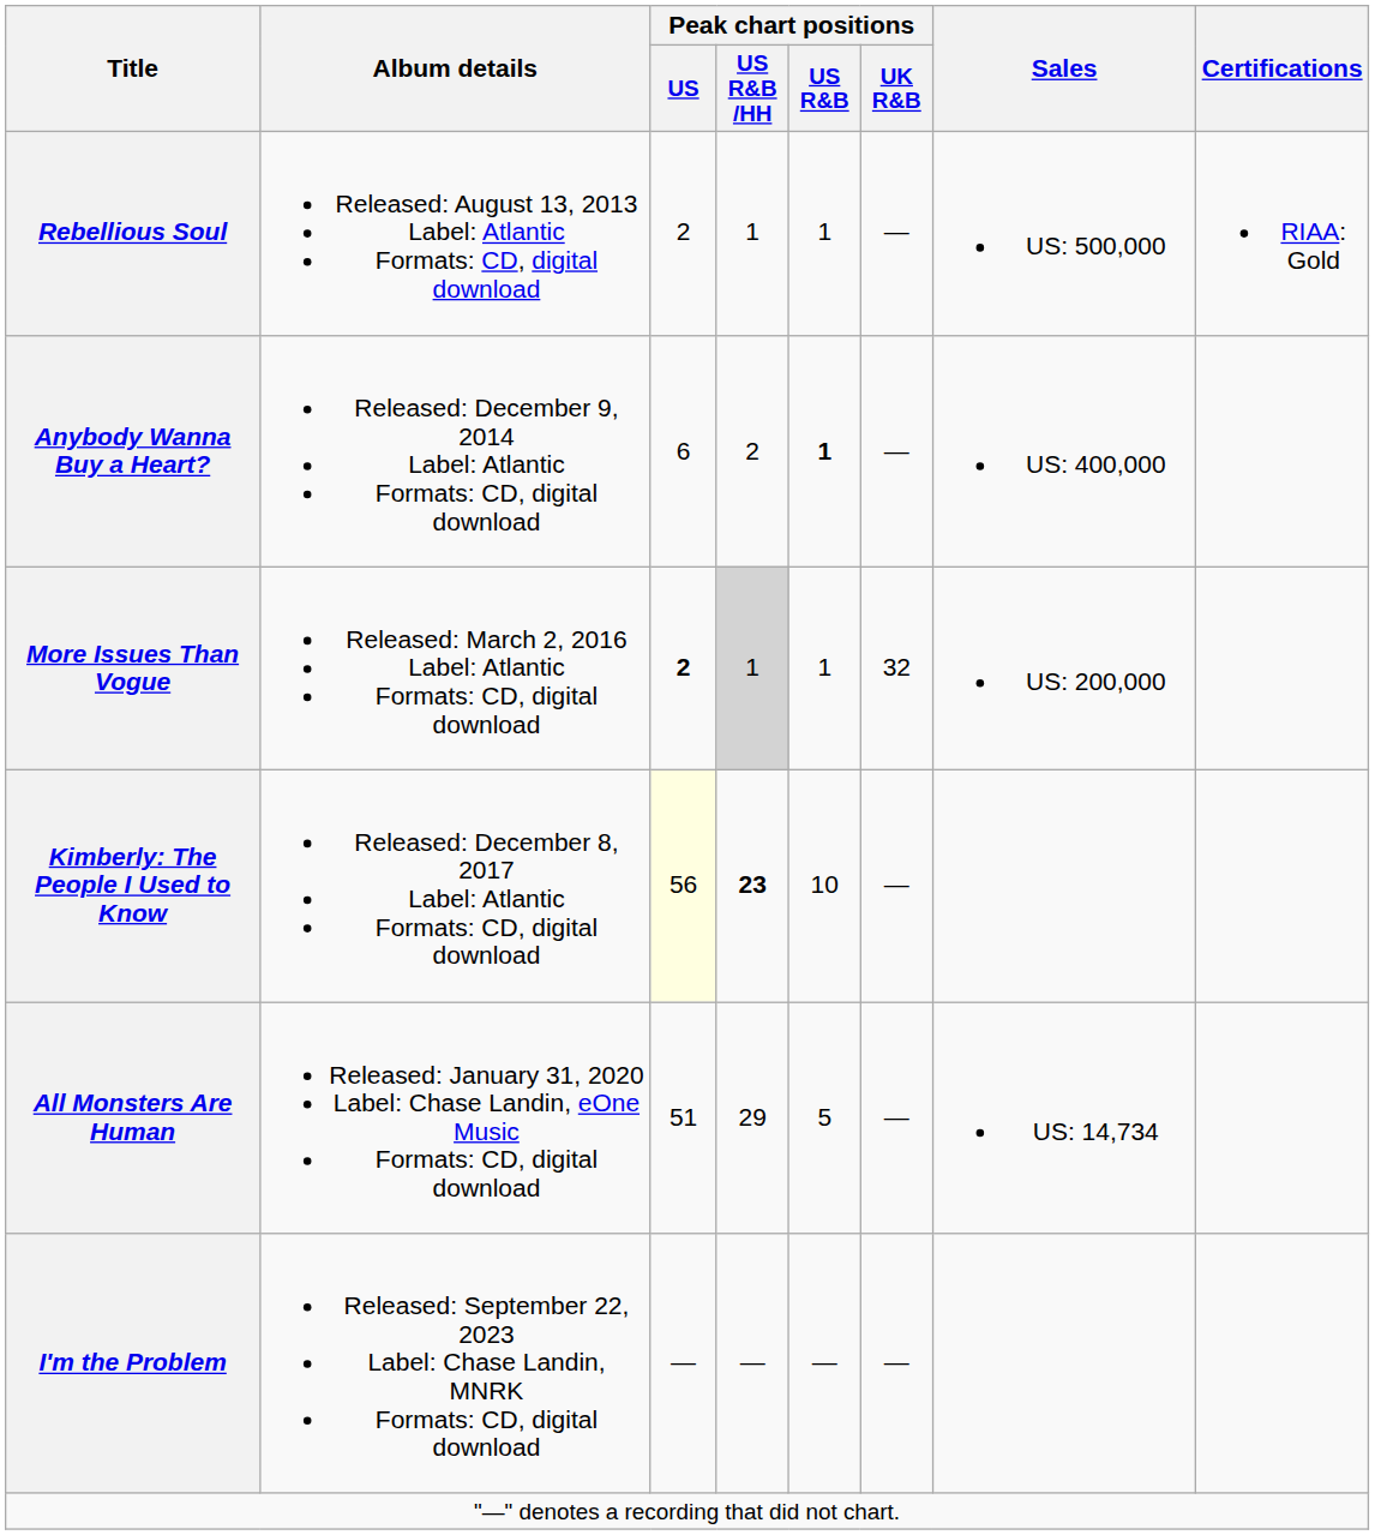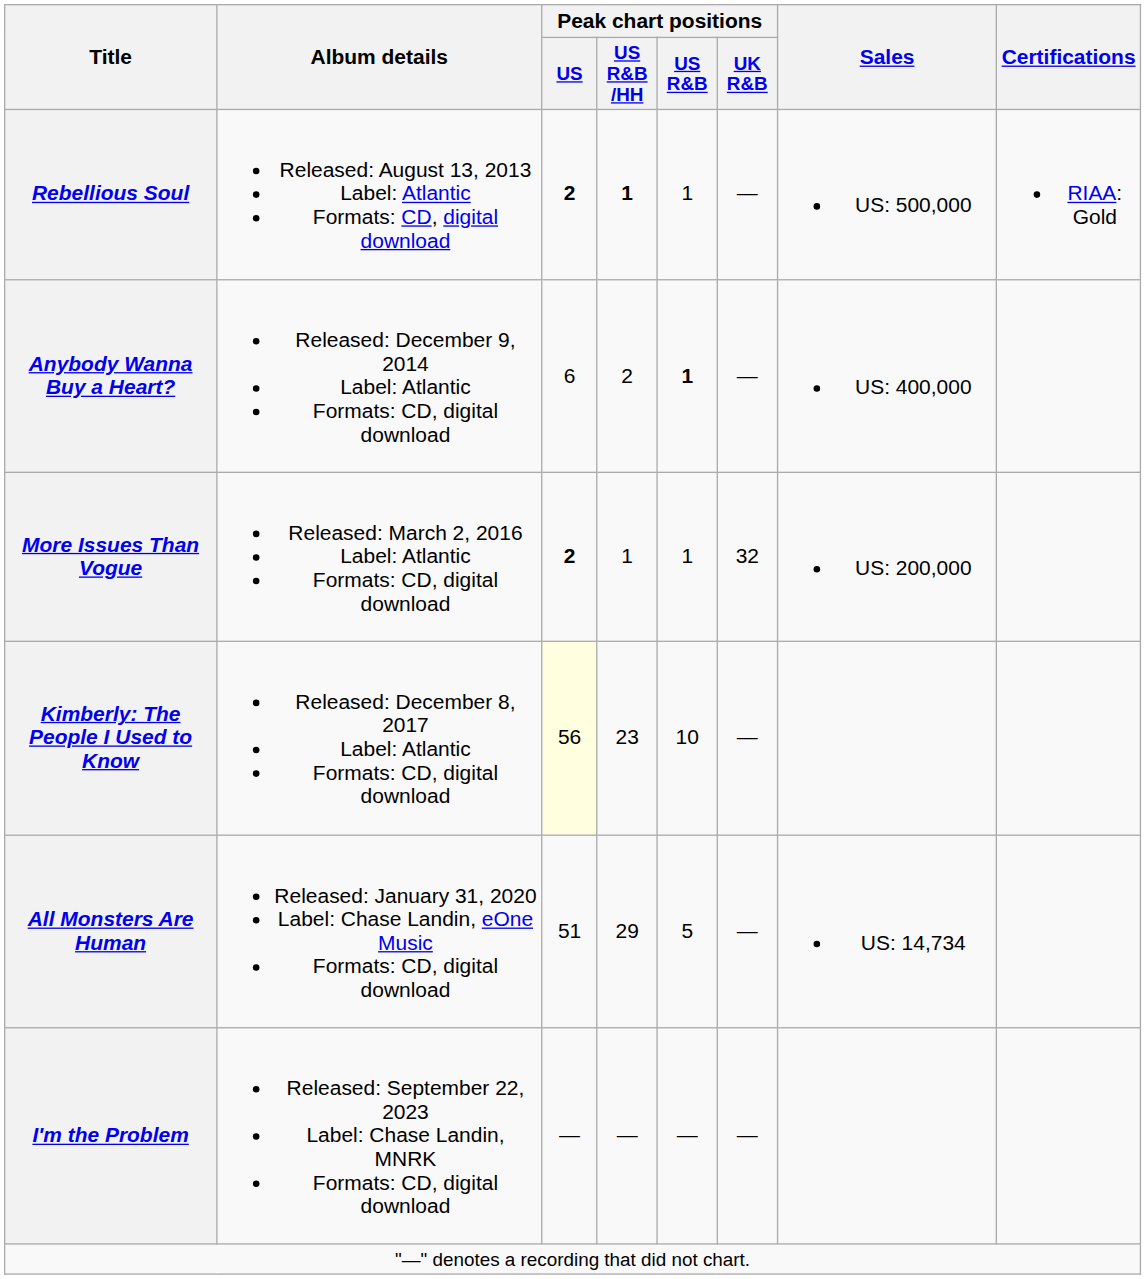 <table class="wikitable plainrowheaders" style="text-align:center;">
 <tr>
 <th scope="col" rowspan="2" style="width:12em;">Title</th>
 <th scope="col" rowspan="2" style="width:19em;">Album details</th>
 <th scope="col" colspan="4">Peak chart positions</th>
 <th scope="col" rowspan="2" style="width:12em;"><a href='#'>Sales</a></th>
 <th rowspan="2"><a href='#'>Certifications</a></th>
 </tr>
 <tr>
 <th scope="col" style="width:3em;font-size:90%;"><a href='#'>US</a><br></th>
 <th style="width:3em;font-size:90%;"><a href='#'>US<br>R&B<br>/HH</a><br></th>
 <th style="width:3em;font-size:90%;"><a href='#'>US<br>R&B</a><br></th>
 <th style="width:3em;font-size:90%;"><a href='#'>UK<br>R&B</a><br></th>
 </tr>
 <tr>
 <th scope="row"><em><a href='#'>Rebellious Soul</a></em></th>
 <td><br><ul><li>Released: August 13, 2013</li><li>Label: <a href='#'>Atlantic</a></li><li>Formats: <a href='#'>CD</a>, <a href='#'>digital download</a></li></ul></td>
-<td>2</td>
-<td>1</td>
+<td><strong>2</strong></td>
+<td><strong>1</strong></td>
 <td>1</td>
 <td>—</td>
 <td><br><ul><li>US: 500,000</li></ul></td>
 <td><br><ul><li><a href='#'>RIAA</a>: Gold</li></ul></td>
 </tr>
 <tr>
 <th scope="row"><em><a href='#'>Anybody Wanna Buy a Heart?</a></em></th>
 <td><br><ul><li>Released: December 9, 2014</li><li>Label: Atlantic</li><li>Formats: CD, digital download</li></ul></td>
 <td>6</td>
 <td>2</td>
 <td><strong>1</strong></td>
 <td>—</td>
 <td><br><ul><li>US: 400,000</li></ul></td>
 <td></td>
 </tr>
 <tr>
 <th scope="row"><em><a href='#'>More Issues Than Vogue</a></em></th>
 <td><br><ul><li>Released:  March 2, 2016</li><li>Label: Atlantic</li><li>Formats: CD, digital download</li></ul></td>
 <td><strong>2</strong></td>
-<td style="background: lightgrey;">1</td>
+<td>1</td>
 <td>1</td>
 <td>32</td>
 <td><br><ul><li>US: 200,000</li></ul></td>
 <td></td>
 </tr>
 <tr>
 <th scope="row"><em><a href='#'>Kimberly: The People I Used to Know</a></em></th>
 <td><br><ul><li>Released: December 8, 2017</li><li>Label: Atlantic</li><li>Formats: CD, digital download</li></ul></td>
 <td style="background: lightyellow;">56</td>
-<td><strong>23</strong></td>
+<td>23</td>
 <td>10</td>
 <td>—</td>
 <td></td>
 <td></td>
 </tr>
 <tr>
 <th scope="row"><em><a href='#'>All Monsters Are Human</a></em></th>
 <td><br><ul><li>Released: January 31, 2020</li><li>Label: Chase Landin, <a href='#'>eOne Music</a></li><li>Formats: CD, digital download</li></ul></td>
 <td>51</td>
 <td>29</td>
 <td>5</td>
 <td>—</td>
 <td><br><ul><li>US: 14,734</li></ul></td>
 <td></td>
 </tr>
 <tr>
 <th scope="row"><em><a href='#'>I'm the Problem</a></em></th>
 <td><br><ul><li>Released: September 22, 2023</li><li>Label: Chase Landin, MNRK</li><li>Formats: CD, digital download</li></ul></td>
 <td>—</td>
 <td>—</td>
 <td>—</td>
 <td>—</td>
 <td></td>
 <td></td>
 </tr>
 <tr>
 <td colspan="11" style="font-size:90%">"—" denotes a recording that did not chart.</td>
 </tr>
 </table>
